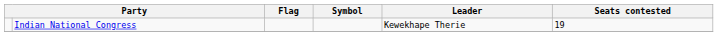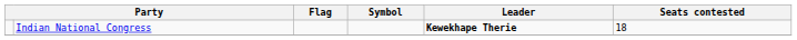 <table class="wikitable" width="55%">
 <tr>
 <th colspan="2">Party</th>
 <th>Flag</th>
 <th>Symbol</th>
 <th>Leader</th>
 <th>Seats contested</th>
 </tr>
 <tr>
 <td style="text-align:center; background:"></td>
 <td><a href='#'>Indian National Congress</a></td>
 <td></td>
 <td></td>
-<td>Kewekhape Therie</td>
-<td>19</td>
+<td><strong>Kewekhape Therie</strong></td>
+<td>18</td>
 </tr>
 <tr>
 </tr>
 </table>
